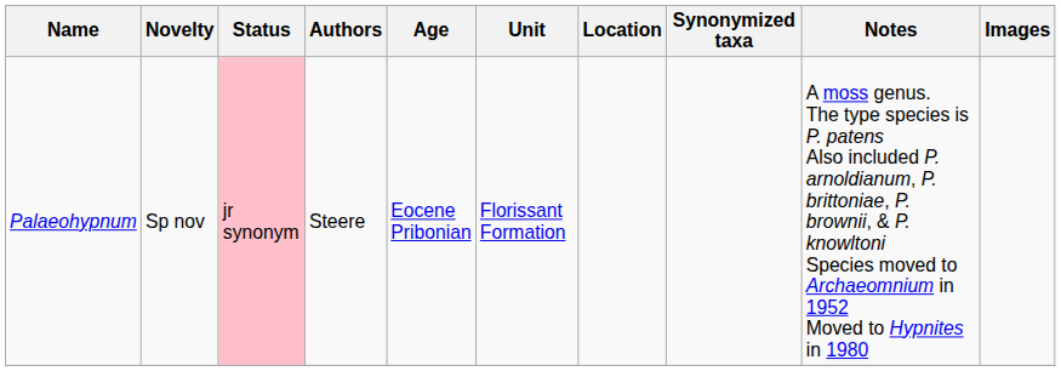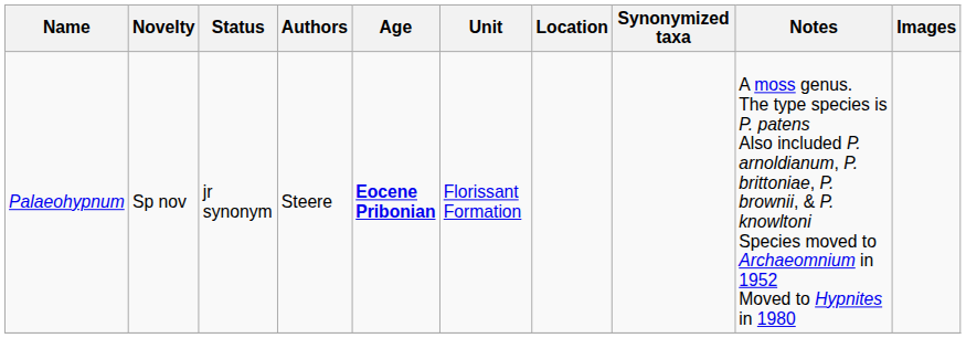 <table class="wikitable sortable" align="center" width="100%">
 <tr>
 <th>Name</th>
 <th>Novelty</th>
 <th>Status</th>
 <th>Authors</th>
 <th>Age</th>
 <th>Unit</th>
 <th>Location</th>
 <th>Synonymized taxa</th>
 <th>Notes</th>
 <th>Images</th>
 </tr>
 <tr>
 <td><br><em><a href='#'>Palaeohypnum</a></em></td>
 <td><br>Sp nov</td>
-<td style="background: pink;"><br>jr synonym</td>
+<td><br>jr synonym</td>
 <td><br>Steere</td>
-<td><br><a href='#'>Eocene</a><br><a href='#'>Pribonian</a></td>
+<td><strong><br><a href='#'>Eocene</a><br><a href='#'>Pribonian</a></strong></td>
 <td><br><a href='#'>Florissant Formation</a></td>
 <td><br><br></td>
 <td></td>
 <td><br>A <a href='#'>moss</a> genus.<br> The type species is <em>P. patens</em><br> Also included <em>P. arnoldianum</em>, <em>P. brittoniae</em>, <em>P. brownii</em>, & <em>P. knowltoni</em><br> Species moved to <em><a href='#'>Archaeomnium</a></em> in <a href='#'>1952</a><br> Moved to <em><a href='#'>Hypnites</a></em> in <a href='#'>1980</a></td>
 <td></td>
 </tr>
 <tr>
 </tr>
 </table>
